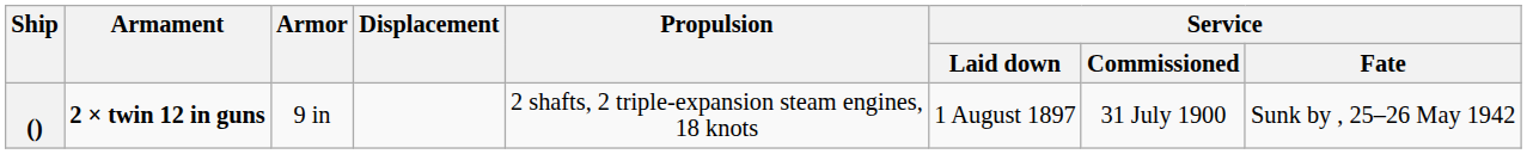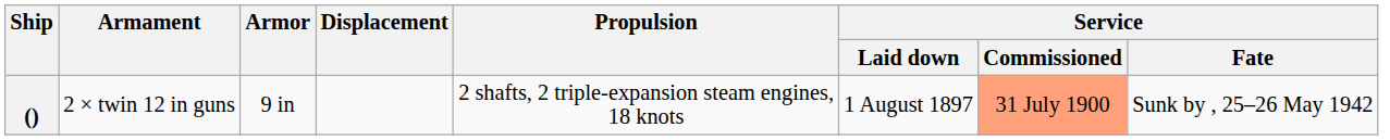 <table class="wikitable plainrowheaders" style="text-align: center;">
 <tr valign="top">
 <th scope="col" rowspan="2">Ship</th>
 <th scope="col" rowspan="2">Armament</th>
 <th scope="col" rowspan="2">Armor</th>
 <th scope="col" rowspan="2">Displacement</th>
 <th scope="col" rowspan="2">Propulsion</th>
 <th scope="col" colspan="3">Service</th>
 </tr>
 <tr valign="top">
 <th scope="col">Laid down</th>
 <th scope="col">Commissioned</th>
 <th scope="col">Fate</th>
 </tr>
 <tr valign="center">
 <th scope="row"><br>()</th>
-<td><strong>2 × twin 12 in guns</strong></td>
+<td>2 × twin 12 in guns</td>
 <td>9 in</td>
 <td></td>
 <td>2 shafts, 2 triple-expansion steam engines,<br>18 knots</td>
 <td>1 August 1897</td>
-<td>31 July 1900</td>
+<td style="background: lightsalmon;">31 July 1900</td>
 <td>Sunk by , 25–26 May 1942</td>
 </tr>
 </table>
